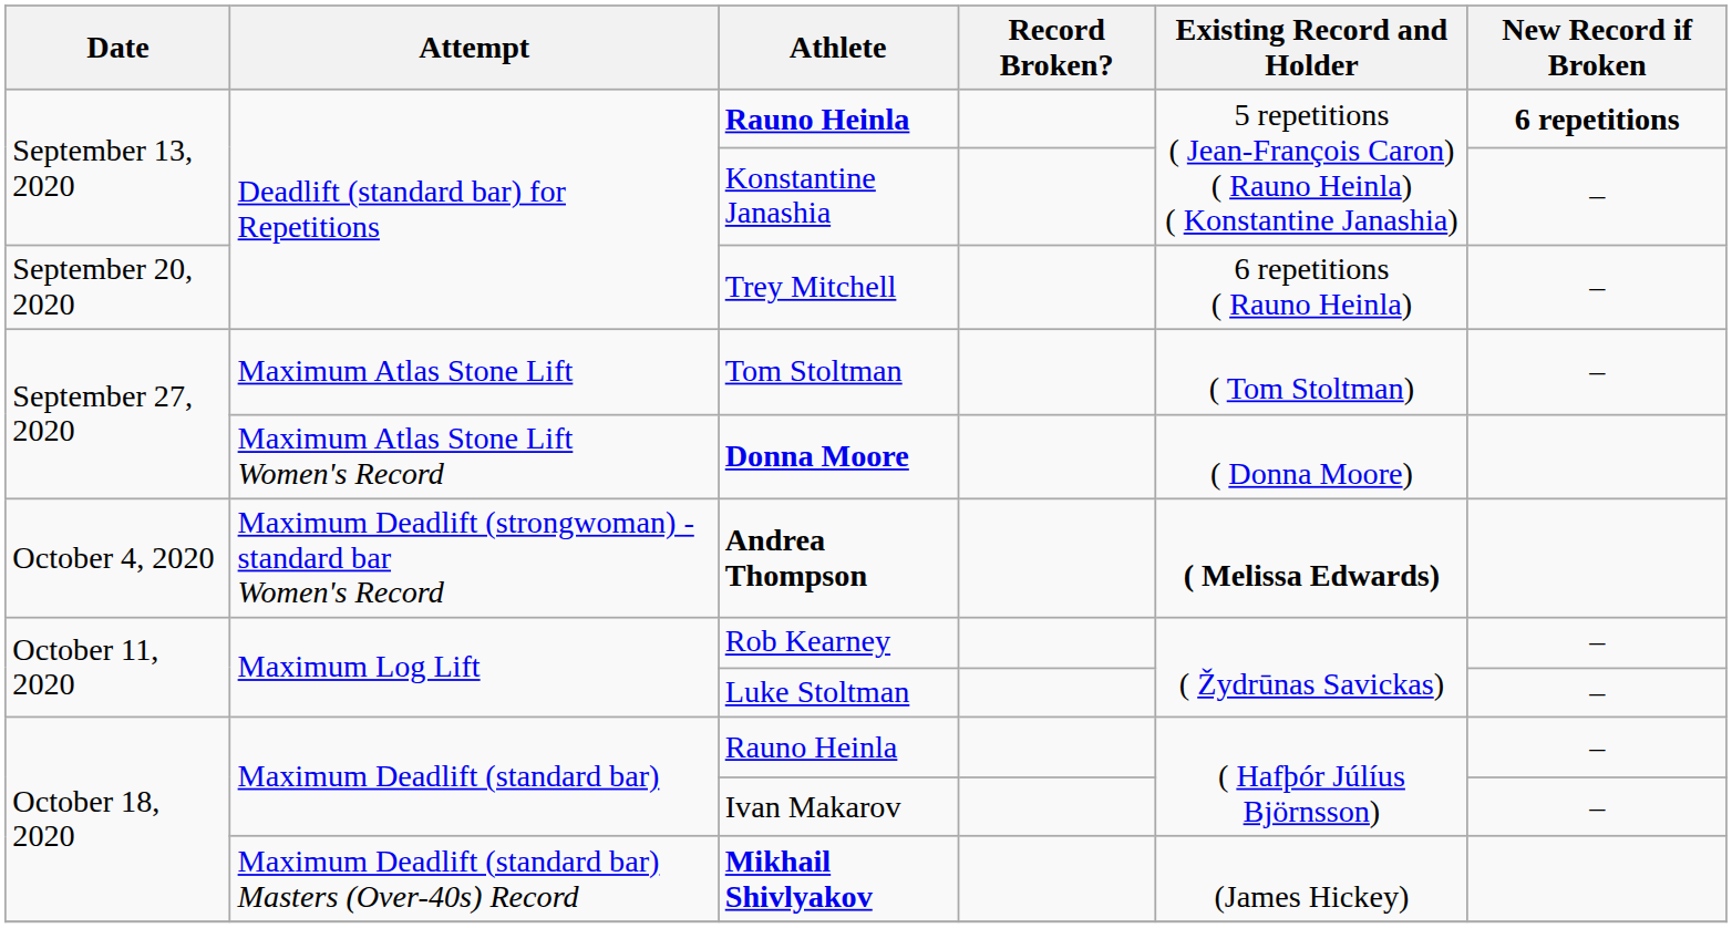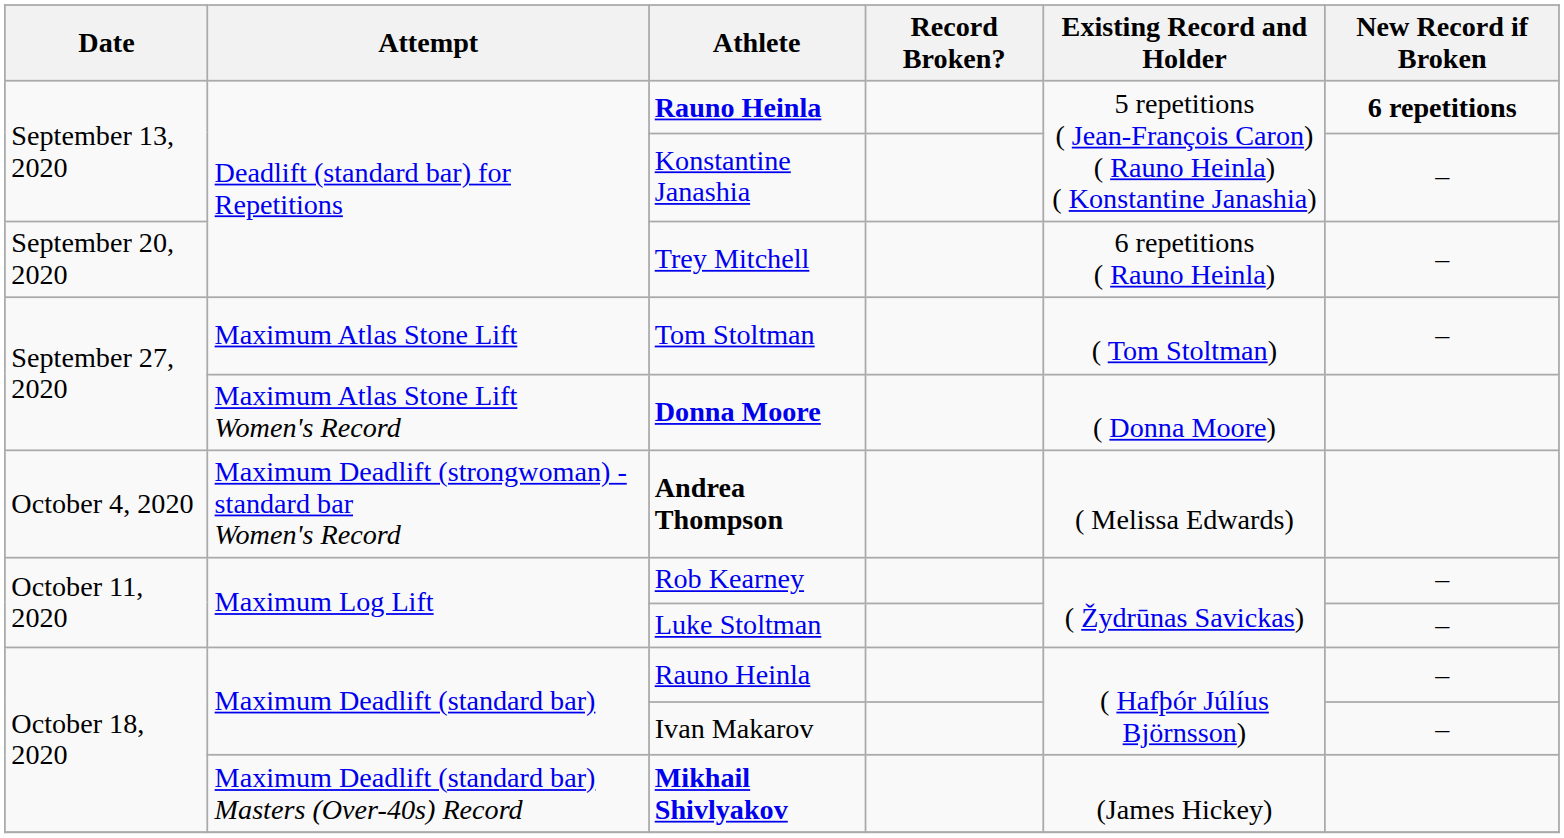 <table class="wikitable sortable" style="display: inline-table;width: 100%;">
 <tr>
 <th>Date</th>
 <th>Attempt</th>
 <th>Athlete</th>
 <th>Record Broken?</th>
 <th>Existing Record and Holder</th>
 <th>New Record if Broken</th>
 </tr>
 <tr>
 <td rowspan=2>September 13, 2020</td>
 <td rowspan=3><a href='#'> Deadlift (standard bar) for Repetitions</a></td>
 <td> <strong><a href='#'>Rauno Heinla</a></strong></td>
 <td></td>
 <td rowspan=2 align=center>5 repetitions <br> ( <a href='#'>Jean-François Caron</a>) <br> ( <a href='#'>Rauno Heinla</a>) <br> ( <a href='#'>Konstantine Janashia</a>)</td>
 <td align=center><strong>6 repetitions</strong></td>
 </tr>
 <tr>
 <td> <a href='#'>Konstantine Janashia</a></td>
 <td></td>
 <td align=center>–</td>
 </tr>
 <tr>
 <td>September 20, 2020</td>
 <td> <a href='#'>Trey Mitchell</a></td>
 <td></td>
 <td align=center>6 repetitions <br> ( <a href='#'>Rauno Heinla</a>)</td>
 <td align=center>–</td>
 </tr>
 <tr>
 <td rowspan=2>September 27, 2020</td>
 <td><a href='#'>Maximum Atlas Stone Lift</a></td>
 <td> <a href='#'>Tom Stoltman</a></td>
 <td></td>
 <td align=center> <br> ( <a href='#'>Tom Stoltman</a>)</td>
 <td align=center>–</td>
 </tr>
 <tr>
 <td><a href='#'>Maximum Atlas Stone Lift</a> <br> <em>Women's Record</em></td>
 <td> <strong><a href='#'>Donna Moore</a></strong></td>
 <td></td>
 <td align=center> <br> ( <a href='#'>Donna Moore</a>)</td>
 <td align=center><strong></strong></td>
 </tr>
 <tr>
 <td>October 4, 2020</td>
 <td><a href='#'>Maximum Deadlift (strongwoman) - standard bar</a> <br> <em>Women's Record</em></td>
 <td> <strong>Andrea Thompson</strong></td>
 <td></td>
-<td align=center><strong> <br> ( Melissa Edwards)</strong></td>
+<td align=center> <br> ( Melissa Edwards)</td>
 <td align=center><strong></strong></td>
 </tr>
 <tr>
 <td rowspan=2>October 11, 2020</td>
 <td rowspan=2><a href='#'>Maximum Log Lift</a></td>
 <td> <a href='#'>Rob Kearney</a></td>
 <td></td>
 <td rowspan=2 align=center> <br> ( <a href='#'>Žydrūnas Savickas</a>)</td>
 <td align=center>–</td>
 </tr>
 <tr>
 <td> <a href='#'>Luke Stoltman</a></td>
 <td></td>
 <td align=center>–</td>
 </tr>
 <tr>
 <td rowspan=3>October 18, 2020</td>
 <td rowspan=2><a href='#'>Maximum Deadlift (standard bar)</a></td>
 <td> <a href='#'>Rauno Heinla</a></td>
 <td></td>
 <td rowspan=2 align=center> <br> ( <a href='#'>Hafþór Júlíus Björnsson</a>)</td>
 <td align=center>–</td>
 </tr>
 <tr>
 <td> Ivan Makarov</td>
 <td></td>
 <td align=center>–</td>
 </tr>
 <tr>
 <td><a href='#'>Maximum Deadlift (standard bar)</a> <br> <em>Masters (Over-40s) Record</em></td>
 <td> <strong><a href='#'>Mikhail Shivlyakov</a></strong></td>
 <td></td>
 <td align=center> <br>  (James Hickey)</td>
 <td align=center><strong></strong></td>
 </tr>
 <tr>
 </tr>
 </table>
